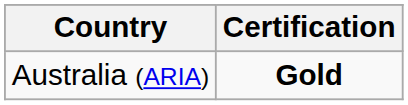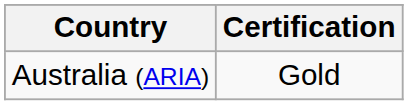 <table class="wikitable">
 <tr>
 <th>Country</th>
 <th>Certification</th>
 </tr>
 <tr>
 <td>Australia <small>(<a href='#'>ARIA</a>)</small></td>
-<td style="text-align:center;"><strong>Gold</strong></td>
+<td style="text-align:center;">Gold</td>
 </tr>
 </table>
